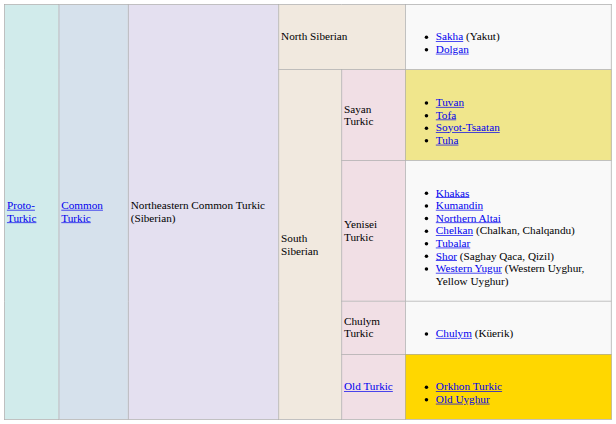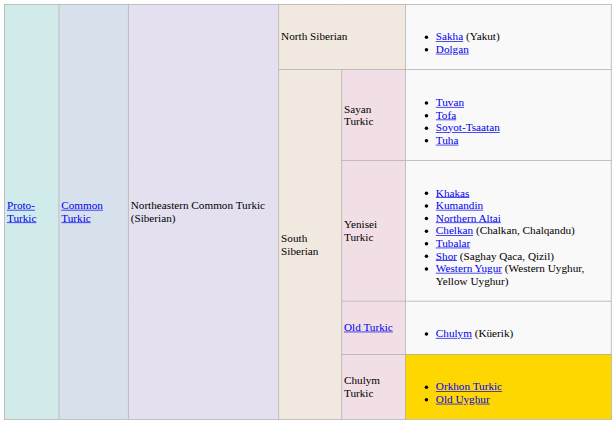 <table class="wikitable">
 <tr>
 <td rowspan="5" bgcolor="#d1ebeb"><a href='#'>Proto-Turkic</a></td>
 <td rowspan="5" bgcolor="#d6e1ec"><a href='#'>Common Turkic</a></td>
 <td rowspan="5" bgcolor="#e4e0f0">Northeastern Common Turkic (Siberian)</td>
 <td colspan="2" bgcolor="#f1e9df">North Siberian</td>
 <td><br><ul><li><a href='#'>Sakha</a> (Yakut)</li><li><a href='#'>Dolgan</a></li></ul></td>
 </tr>
 <tr>
 <td rowspan="4" bgcolor="#f1e9df">South Siberian</td>
 <td bgcolor="#f1dfe5">Sayan Turkic</td>
-<td style="background: khaki;"><br><ul><li><a href='#'>Tuvan</a></li><li><a href='#'>Tofa</a></li><li><a href='#'>Soyot-Tsaatan</a></li><li><a href='#'>Tuha</a></li></ul></td>
+<td><br><ul><li><a href='#'>Tuvan</a></li><li><a href='#'>Tofa</a></li><li><a href='#'>Soyot-Tsaatan</a></li><li><a href='#'>Tuha</a></li></ul></td>
 </tr>
 <tr>
 <td bgcolor="#f1dfe5">Yenisei Turkic</td>
 <td><br><ul><li><a href='#'>Khakas</a></li><li><a href='#'>Kumandin</a></li><li><a href='#'>Northern Altai</a></li><li><a href='#'>Chelkan</a> (Chalkan, Chalqandu)</li><li><a href='#'>Tubalar</a></li><li><a href='#'>Shor</a> (Saghay Qaca, Qizil)</li><li><a href='#'>Western Yugur</a> (Western Uyghur, Yellow Uyghur)</li></ul></td>
 </tr>
 <tr>
-<td bgcolor="f1dfe5">Chulym Turkic</td>
+<td bgcolor="f1dfe5"><a href='#'>Old Turkic</a></td>
 <td><br><ul><li><a href='#'>Chulym</a> (Küerik)</li></ul></td>
 </tr>
 <tr>
-<td bgcolor="f1dfe5"><a href='#'>Old Turkic</a></td>
+<td bgcolor="f1dfe5">Chulym Turkic</td>
 <td style="background: gold;"><br><ul><li> <a href='#'>Orkhon Turkic</a></li><li> <a href='#'>Old Uyghur</a></li></ul></td>
 </tr>
 </table>
